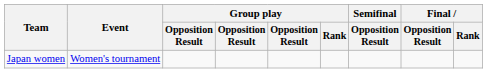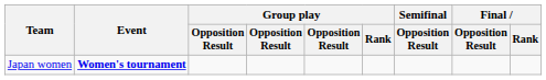 <table class=wikitable style=font-size:90%;text-align:center>
 <tr>
 <th rowspan=2>Team</th>
 <th rowspan=2>Event</th>
 <th colspan=4>Group play</th>
 <th>Semifinal</th>
 <th colspan=2>Final / </th>
 </tr>
 <tr style=font-size:95%>
 <th>Opposition<br>Result</th>
 <th>Opposition<br>Result</th>
 <th>Opposition<br>Result</th>
 <th>Rank</th>
 <th>Opposition<br>Result</th>
 <th>Opposition<br>Result</th>
 <th>Rank</th>
 </tr>
 <tr>
 <td align=left><a href='#'>Japan women</a></td>
-<td align=left><a href='#'>Women's tournament</a></td>
+<td align=left><strong><a href='#'>Women's tournament</a></strong></td>
 <td></td>
 <td></td>
 <td></td>
 <td></td>
 <td></td>
 <td></td>
 <td></td>
 </tr>
 </table>
